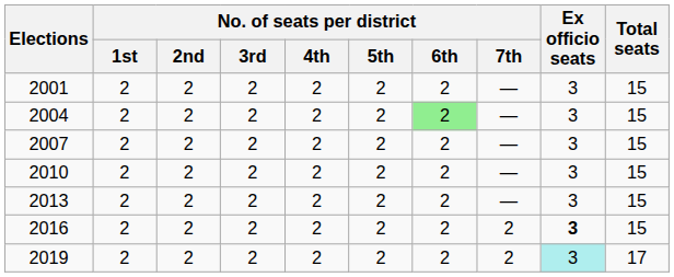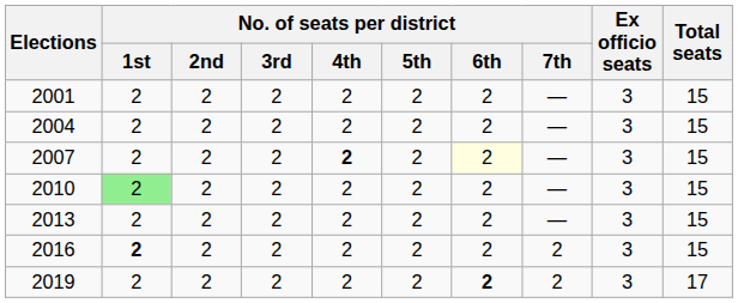 <table class=wikitable style="text-align:center">
 <tr>
 <th rowspan=2>Elections</th>
 <th colspan=7>No. of seats per district</th>
 <th width=50px rowspan=2>Ex officio seats</th>
 <th width=50px rowspan=2>Total seats</th>
 </tr>
 <tr>
 <th width=50px>1st</th>
 <th width=50px>2nd</th>
 <th width=50px>3rd</th>
 <th width=50px>4th</th>
 <th width=50px>5th</th>
 <th width=50px>6th</th>
 <th width=50px>7th</th>
 </tr>
 <tr>
 <td>2001</td>
 <td>2</td>
 <td>2</td>
 <td>2</td>
 <td>2</td>
 <td>2</td>
 <td>2</td>
 <td>—</td>
 <td>3</td>
 <td>15</td>
 </tr>
 <tr>
 <td>2004</td>
 <td>2</td>
 <td>2</td>
 <td>2</td>
 <td>2</td>
 <td>2</td>
-<td style="background: lightgreen;">2</td>
+<td>2</td>
 <td>—</td>
 <td>3</td>
 <td>15</td>
 </tr>
 <tr>
 <td>2007</td>
 <td>2</td>
 <td>2</td>
 <td>2</td>
+<td><strong>2</strong></td>
 <td>2</td>
-<td>2</td>
-<td>2</td>
+<td style="background: lightyellow;">2</td>
 <td>—</td>
 <td>3</td>
 <td>15</td>
 </tr>
 <tr>
 <td>2010</td>
-<td>2</td>
+<td style="background: lightgreen;">2</td>
 <td>2</td>
 <td>2</td>
 <td>2</td>
 <td>2</td>
 <td>2</td>
 <td>—</td>
 <td>3</td>
 <td>15</td>
 </tr>
 <tr>
 <td>2013</td>
 <td>2</td>
 <td>2</td>
 <td>2</td>
 <td>2</td>
 <td>2</td>
 <td>2</td>
 <td>—</td>
 <td>3</td>
 <td>15</td>
 </tr>
 <tr>
 <td>2016</td>
+<td><strong>2</strong></td>
 <td>2</td>
 <td>2</td>
 <td>2</td>
 <td>2</td>
 <td>2</td>
 <td>2</td>
-<td>2</td>
-<td><strong>3</strong></td>
+<td>3</td>
 <td>15</td>
 </tr>
 <tr>
 <td>2019</td>
 <td>2</td>
 <td>2</td>
 <td>2</td>
 <td>2</td>
 <td>2</td>
+<td><strong>2</strong></td>
 <td>2</td>
-<td>2</td>
-<td style="background: paleturquoise;">3</td>
+<td>3</td>
 <td>17</td>
 </tr>
 </table>
